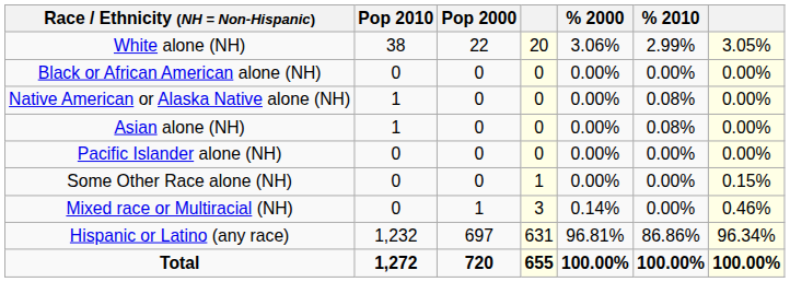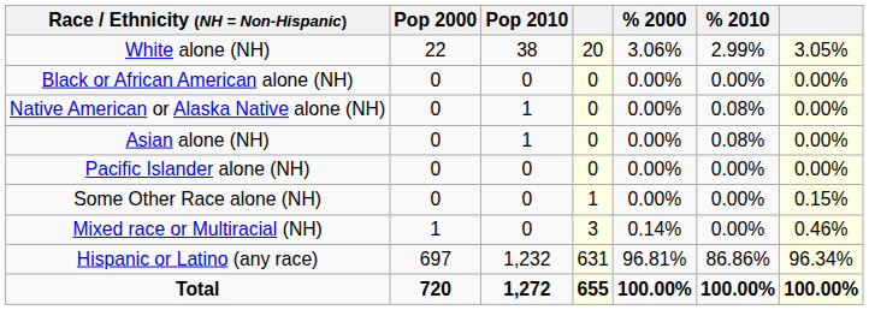 <table class="wikitable" style="text-align:center;">
 <tr>
 <th>Race / Ethnicity <small>(<em>NH = Non-Hispanic</em>)</small></th>
+<th>Pop 2000</th>
 <th>Pop 2010</th>
-<th>Pop 2000</th>
 <th></th>
 <th>% 2000</th>
 <th>% 2010</th>
 <th></th>
 </tr>
 <tr>
 <td><a href='#'>White</a> alone (NH)</td>
+<td>22</td>
 <td>38</td>
-<td>22</td>
 <td style='background: #ffffe6;'>20</td>
 <td>3.06%</td>
 <td>2.99%</td>
 <td style='background: #ffffe6;'>3.05%</td>
 </tr>
 <tr>
 <td><a href='#'>Black or African American</a> alone (NH)</td>
 <td>0</td>
 <td>0</td>
 <td style='background: #ffffe6;'>0</td>
 <td>0.00%</td>
 <td>0.00%</td>
 <td style='background: #ffffe6;'>0.00%</td>
 </tr>
 <tr>
 <td><a href='#'>Native American</a> or <a href='#'>Alaska Native</a> alone (NH)</td>
+<td>0</td>
 <td>1</td>
-<td>0</td>
 <td style='background: #ffffe6;'>0</td>
 <td>0.00%</td>
 <td>0.08%</td>
 <td style='background: #ffffe6;'>0.00%</td>
 </tr>
 <tr>
 <td><a href='#'>Asian</a> alone (NH)</td>
+<td>0</td>
 <td>1</td>
-<td>0</td>
 <td style='background: #ffffe6;'>0</td>
 <td>0.00%</td>
 <td>0.08%</td>
 <td style='background: #ffffe6;'>0.00%</td>
 </tr>
 <tr>
 <td><a href='#'>Pacific Islander</a> alone (NH)</td>
 <td>0</td>
 <td>0</td>
 <td style='background: #ffffe6;'>0</td>
 <td>0.00%</td>
 <td>0.00%</td>
 <td style='background: #ffffe6;'>0.00%</td>
 </tr>
 <tr>
 <td>Some Other Race alone (NH)</td>
 <td>0</td>
 <td>0</td>
 <td style='background: #ffffe6;'>1</td>
 <td>0.00%</td>
 <td>0.00%</td>
 <td style='background: #ffffe6;'>0.15%</td>
 </tr>
 <tr>
 <td><a href='#'>Mixed race or Multiracial</a> (NH)</td>
+<td>1</td>
 <td>0</td>
-<td>1</td>
 <td style='background: #ffffe6;'>3</td>
 <td>0.14%</td>
 <td>0.00%</td>
 <td style='background: #ffffe6;'>0.46%</td>
 </tr>
 <tr>
 <td><a href='#'>Hispanic or Latino</a> (any race)</td>
+<td>697</td>
 <td>1,232</td>
-<td>697</td>
 <td style='background: #ffffe6;'>631</td>
 <td>96.81%</td>
 <td>86.86%</td>
 <td style='background: #ffffe6;'>96.34%</td>
 </tr>
 <tr>
 <td><strong>Total</strong></td>
+<td><strong>720</strong></td>
 <td><strong>1,272</strong></td>
-<td><strong>720</strong></td>
 <td style='background: #ffffe6;'><strong>655</strong></td>
 <td><strong>100.00%</strong></td>
 <td><strong>100.00%</strong></td>
 <td style='background: #ffffe6;'><strong>100.00%</strong></td>
 </tr>
 </table>
